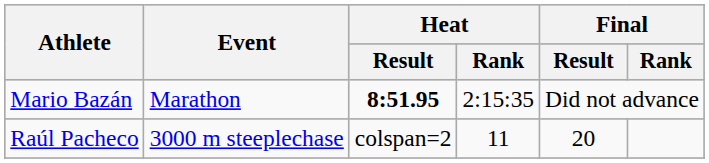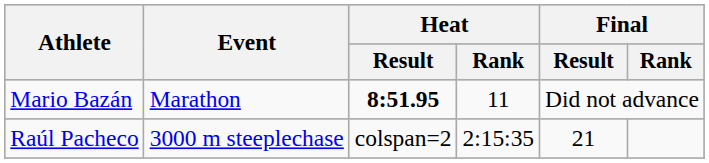 <table class="wikitable" style="font-size:90%">
 <tr>
 <th rowspan="2">Athlete</th>
 <th rowspan="2">Event</th>
 <th colspan="2">Heat</th>
 <th colspan="2">Final</th>
 </tr>
 <tr style="font-size:95%">
 <th>Result</th>
 <th>Rank</th>
 <th>Result</th>
 <th>Rank</th>
 </tr>
 <tr align=center>
 <td align=left><a href='#'>Mario Bazán</a></td>
 <td align=left><a href='#'>Marathon</a></td>
 <td><strong>8:51.95</strong></td>
-<td>2:15:35</td>
+<td>11</td>
 <td colspan=2>Did not advance</td>
 </tr>
 <tr align=center>
 <td align=left><a href='#'>Raúl Pacheco</a></td>
 <td align=left><a href='#'>3000 m steeplechase</a></td>
 <td>colspan=2 </td>
-<td>11</td>
-<td>20</td>
+<td>2:15:35</td>
+<td>21</td>
 </tr>
 </table>
